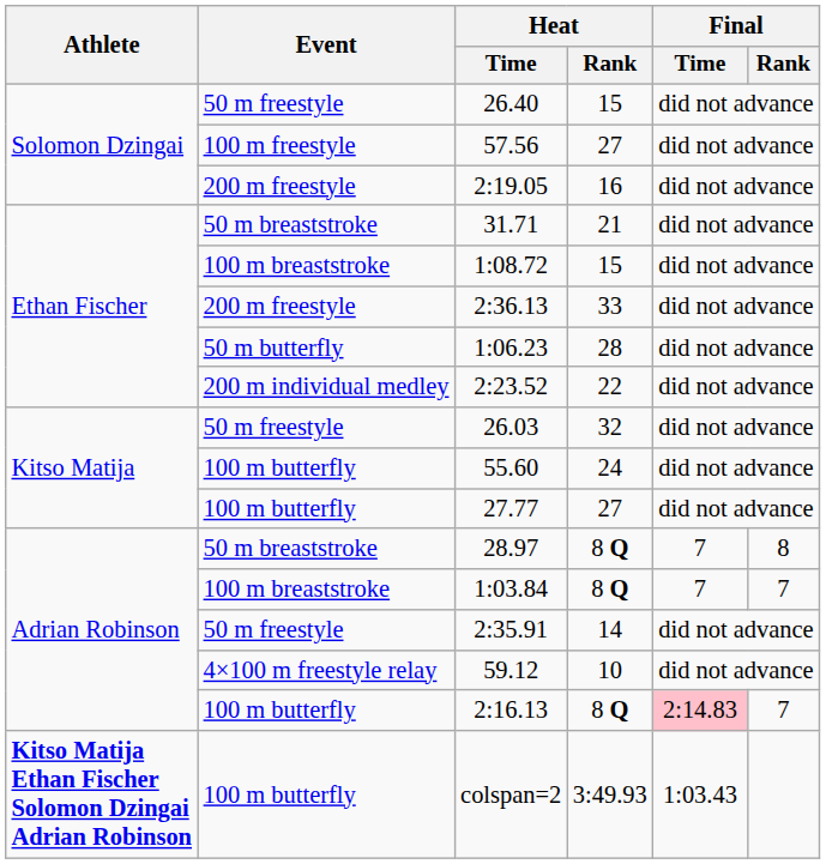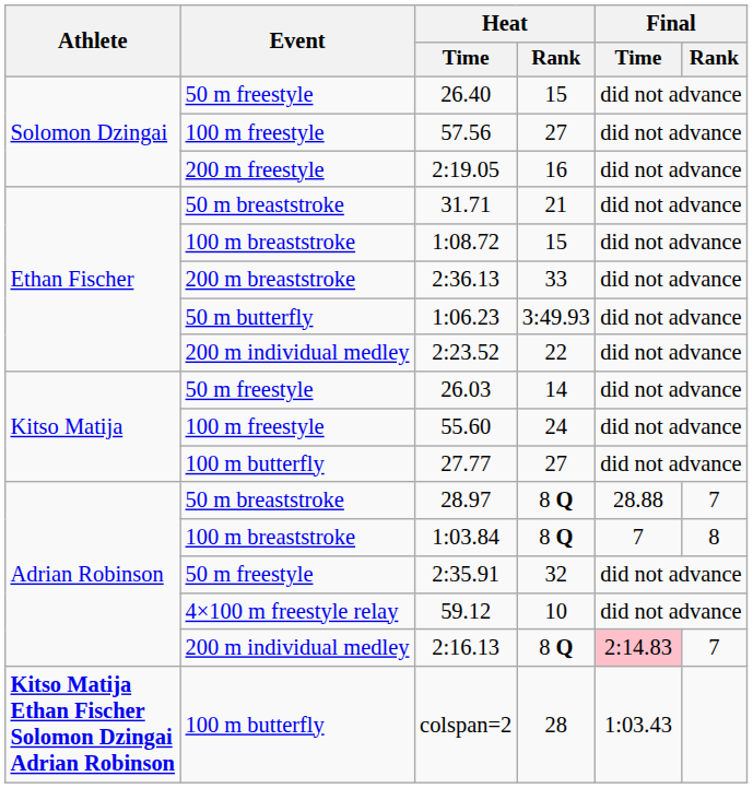 <table class="wikitable" style="text-align:center; font-size:90%">
 <tr>
 <th rowspan="2">Athlete</th>
 <th rowspan="2">Event</th>
 <th colspan="2">Heat</th>
 <th colspan="2">Final</th>
 </tr>
 <tr style="font-size:95%">
 <th>Time</th>
 <th>Rank</th>
 <th>Time</th>
 <th>Rank</th>
 </tr>
 <tr>
 <td align=left rowspan=3><a href='#'>Solomon Dzingai</a></td>
 <td align=left><a href='#'>50 m freestyle</a></td>
 <td>26.40</td>
 <td>15</td>
 <td colspan=2>did not advance</td>
 </tr>
 <tr>
 <td align=left><a href='#'>100 m freestyle</a></td>
 <td>57.56</td>
 <td>27</td>
 <td colspan=2>did not advance</td>
 </tr>
 <tr>
 <td align=left><a href='#'>200 m freestyle</a></td>
 <td>2:19.05</td>
 <td>16</td>
 <td colspan=2>did not advance</td>
 </tr>
 <tr>
 <td align=left rowspan=5><a href='#'>Ethan Fischer</a></td>
 <td align=left><a href='#'>50 m breaststroke</a></td>
 <td>31.71</td>
 <td>21</td>
 <td colspan=2>did not advance</td>
 </tr>
 <tr>
 <td align=left><a href='#'>100 m breaststroke</a></td>
 <td>1:08.72</td>
 <td>15</td>
 <td colspan=2>did not advance</td>
 </tr>
 <tr>
-<td align=left><a href='#'>200 m freestyle</a></td>
+<td align=left><a href='#'>200 m breaststroke</a></td>
 <td>2:36.13</td>
 <td>33</td>
 <td colspan=2>did not advance</td>
 </tr>
 <tr>
 <td align=left><a href='#'>50 m butterfly</a></td>
 <td>1:06.23</td>
-<td>28</td>
+<td>3:49.93</td>
 <td colspan=2>did not advance</td>
 </tr>
 <tr>
 <td align=left><a href='#'>200 m individual medley</a></td>
 <td>2:23.52</td>
 <td>22</td>
 <td colspan=2>did not advance</td>
 </tr>
 <tr>
 <td align=left rowspan=3><a href='#'>Kitso Matija</a></td>
 <td align=left><a href='#'>50 m freestyle</a></td>
 <td>26.03</td>
-<td>32</td>
+<td>14</td>
 <td colspan=2>did not advance</td>
 </tr>
 <tr>
-<td align=left><a href='#'>100 m butterfly</a></td>
+<td align=left><a href='#'>100 m freestyle</a></td>
 <td>55.60</td>
 <td>24</td>
 <td colspan=2>did not advance</td>
 </tr>
 <tr>
 <td align=left><a href='#'>100 m butterfly</a></td>
 <td>27.77</td>
 <td>27</td>
 <td colspan=2>did not advance</td>
 </tr>
 <tr>
 <td align=left rowspan=5><a href='#'>Adrian Robinson</a></td>
 <td align=left><a href='#'>50 m breaststroke</a></td>
 <td>28.97</td>
 <td>8 <strong>Q</strong></td>
+<td>28.88</td>
 <td>7</td>
-<td>8</td>
 </tr>
 <tr>
 <td align=left><a href='#'>100 m breaststroke</a></td>
 <td>1:03.84</td>
 <td>8 <strong>Q</strong></td>
 <td>7</td>
-<td>7</td>
+<td>8</td>
 </tr>
 <tr>
 <td align=left><a href='#'>50 m freestyle</a></td>
 <td>2:35.91</td>
-<td>14</td>
+<td>32</td>
 <td colspan=2>did not advance</td>
 </tr>
 <tr>
 <td align=left><a href='#'>4×100 m freestyle relay</a></td>
 <td>59.12</td>
 <td>10</td>
 <td colspan=2>did not advance</td>
 </tr>
 <tr>
-<td align=left><a href='#'>100 m butterfly</a></td>
+<td align=left><a href='#'>200 m individual medley</a></td>
 <td>2:16.13</td>
 <td>8 <strong>Q</strong></td>
 <td style="background: pink;">2:14.83</td>
 <td>7</td>
 </tr>
 <tr>
 <td align=left><strong><a href='#'>Kitso Matija</a><br><a href='#'>Ethan Fischer</a><br><a href='#'>Solomon Dzingai</a><br><a href='#'>Adrian Robinson</a></strong></td>
 <td align=left><a href='#'>100 m butterfly</a></td>
 <td>colspan=2 </td>
-<td>3:49.93</td>
+<td>28</td>
 <td>1:03.43</td>
 </tr>
 </table>
